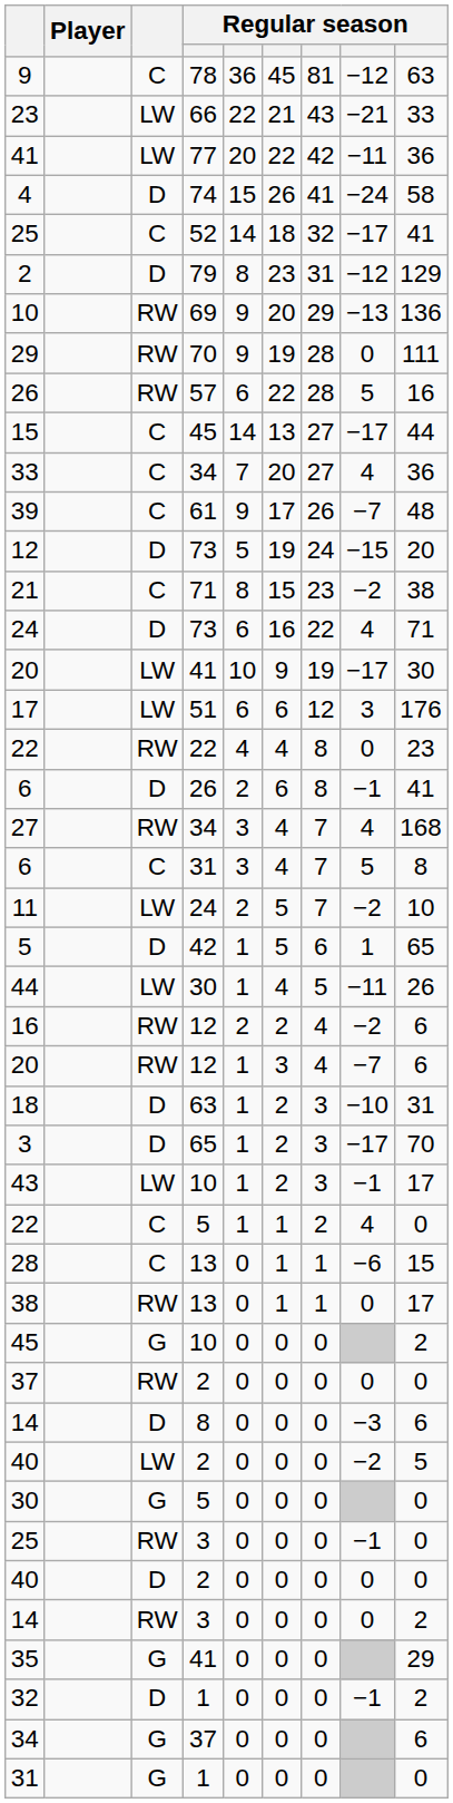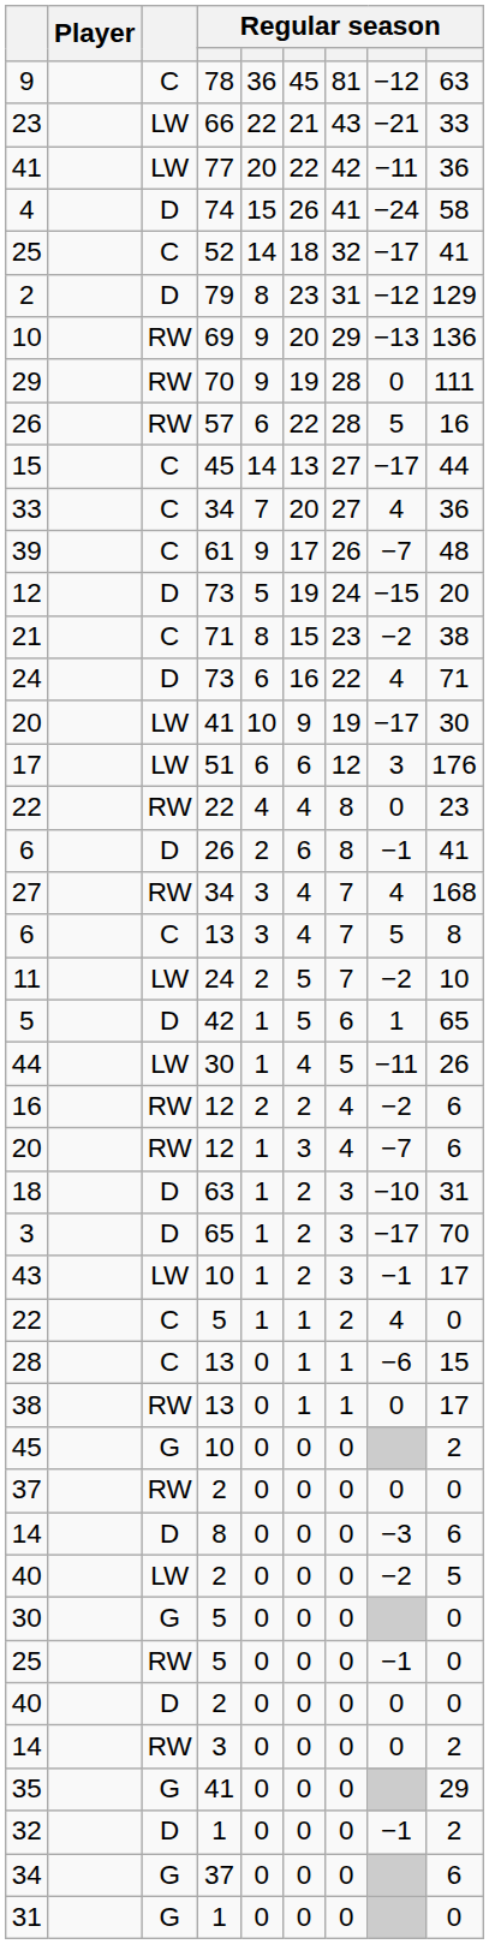 <table class="wikitable sortable plainrowheaders" style="text-align:center;">
 <tr>
 <th scope="col" data-sort-type="number" rowspan="2"></th>
 <th scope="col" rowspan="2">Player</th>
 <th scope="col" rowspan="2"></th>
 <th scope=colgroup colspan=6>Regular season</th>
 </tr>
 <tr>
 <th scope="col" data-sort-type="number"></th>
 <th scope="col" data-sort-type="number"></th>
 <th scope="col" data-sort-type="number"></th>
 <th scope="col" data-sort-type="number"></th>
 <th scope="col" data-sort-type="number"></th>
 <th scope="col" data-sort-type="number"></th>
 </tr>
 <tr>
 <td scope="row">9</td>
 <td align="left"></td>
 <td>C</td>
 <td>78</td>
 <td>36</td>
 <td>45</td>
 <td>81</td>
 <td>−12</td>
 <td>63</td>
 </tr>
 <tr>
 <td scope="row">23</td>
 <td align="left"></td>
 <td>LW</td>
 <td>66</td>
 <td>22</td>
 <td>21</td>
 <td>43</td>
 <td>−21</td>
 <td>33</td>
 </tr>
 <tr>
 <td scope="row">41</td>
 <td align="left"></td>
 <td>LW</td>
 <td>77</td>
 <td>20</td>
 <td>22</td>
 <td>42</td>
 <td>−11</td>
 <td>36</td>
 </tr>
 <tr>
 <td scope="row">4</td>
 <td align="left"></td>
 <td>D</td>
 <td>74</td>
 <td>15</td>
 <td>26</td>
 <td>41</td>
 <td>−24</td>
 <td>58</td>
 </tr>
 <tr>
 <td scope="row">25</td>
 <td align="left"></td>
 <td>C</td>
 <td>52</td>
 <td>14</td>
 <td>18</td>
 <td>32</td>
 <td>−17</td>
 <td>41</td>
 </tr>
 <tr>
 <td scope="row">2</td>
 <td align="left"></td>
 <td>D</td>
 <td>79</td>
 <td>8</td>
 <td>23</td>
 <td>31</td>
 <td>−12</td>
 <td>129</td>
 </tr>
 <tr>
 <td scope="row">10</td>
 <td align="left"></td>
 <td>RW</td>
 <td>69</td>
 <td>9</td>
 <td>20</td>
 <td>29</td>
 <td>−13</td>
 <td>136</td>
 </tr>
 <tr>
 <td scope="row">29</td>
 <td align="left"></td>
 <td>RW</td>
 <td>70</td>
 <td>9</td>
 <td>19</td>
 <td>28</td>
 <td>0</td>
 <td>111</td>
 </tr>
 <tr>
 <td scope="row">26</td>
 <td align="left"></td>
 <td>RW</td>
 <td>57</td>
 <td>6</td>
 <td>22</td>
 <td>28</td>
 <td>5</td>
 <td>16</td>
 </tr>
 <tr>
 <td scope="row">15</td>
 <td align="left"></td>
 <td>C</td>
 <td>45</td>
 <td>14</td>
 <td>13</td>
 <td>27</td>
 <td>−17</td>
 <td>44</td>
 </tr>
 <tr>
 <td scope="row">33</td>
 <td align="left"></td>
 <td>C</td>
 <td>34</td>
 <td>7</td>
 <td>20</td>
 <td>27</td>
 <td>4</td>
 <td>36</td>
 </tr>
 <tr>
 <td scope="row">39</td>
 <td align="left"></td>
 <td>C</td>
 <td>61</td>
 <td>9</td>
 <td>17</td>
 <td>26</td>
 <td>−7</td>
 <td>48</td>
 </tr>
 <tr>
 <td scope="row">12</td>
 <td align="left"></td>
 <td>D</td>
 <td>73</td>
 <td>5</td>
 <td>19</td>
 <td>24</td>
 <td>−15</td>
 <td>20</td>
 </tr>
 <tr>
 <td scope="row">21</td>
 <td align="left"></td>
 <td>C</td>
 <td>71</td>
 <td>8</td>
 <td>15</td>
 <td>23</td>
 <td>−2</td>
 <td>38</td>
 </tr>
 <tr>
 <td scope="row">24</td>
 <td align="left"></td>
 <td>D</td>
 <td>73</td>
 <td>6</td>
 <td>16</td>
 <td>22</td>
 <td>4</td>
 <td>71</td>
 </tr>
 <tr>
 <td scope="row">20</td>
 <td align="left"></td>
 <td>LW</td>
 <td>41</td>
 <td>10</td>
 <td>9</td>
 <td>19</td>
 <td>−17</td>
 <td>30</td>
 </tr>
 <tr>
 <td scope="row">17</td>
 <td align="left"></td>
 <td>LW</td>
 <td>51</td>
 <td>6</td>
 <td>6</td>
 <td>12</td>
 <td>3</td>
 <td>176</td>
 </tr>
 <tr>
 <td scope="row">22</td>
 <td align="left"></td>
 <td>RW</td>
 <td>22</td>
 <td>4</td>
 <td>4</td>
 <td>8</td>
 <td>0</td>
 <td>23</td>
 </tr>
 <tr>
 <td scope="row">6</td>
 <td align="left"></td>
 <td>D</td>
 <td>26</td>
 <td>2</td>
 <td>6</td>
 <td>8</td>
 <td>−1</td>
 <td>41</td>
 </tr>
 <tr>
 <td scope="row">27</td>
 <td align="left"></td>
 <td>RW</td>
 <td>34</td>
 <td>3</td>
 <td>4</td>
 <td>7</td>
 <td>4</td>
 <td>168</td>
 </tr>
 <tr>
 <td scope="row">6</td>
 <td align="left"></td>
 <td>C</td>
-<td>31</td>
+<td>13</td>
 <td>3</td>
 <td>4</td>
 <td>7</td>
 <td>5</td>
 <td>8</td>
 </tr>
 <tr>
 <td scope="row">11</td>
 <td align="left"></td>
 <td>LW</td>
 <td>24</td>
 <td>2</td>
 <td>5</td>
 <td>7</td>
 <td>−2</td>
 <td>10</td>
 </tr>
 <tr>
 <td scope="row">5</td>
 <td align="left"></td>
 <td>D</td>
 <td>42</td>
 <td>1</td>
 <td>5</td>
 <td>6</td>
 <td>1</td>
 <td>65</td>
 </tr>
 <tr>
 <td scope="row">44</td>
 <td align="left"></td>
 <td>LW</td>
 <td>30</td>
 <td>1</td>
 <td>4</td>
 <td>5</td>
 <td>−11</td>
 <td>26</td>
 </tr>
 <tr>
 <td scope="row">16</td>
 <td align="left"></td>
 <td>RW</td>
 <td>12</td>
 <td>2</td>
 <td>2</td>
 <td>4</td>
 <td>−2</td>
 <td>6</td>
 </tr>
 <tr>
 <td scope="row">20</td>
 <td align="left"></td>
 <td>RW</td>
 <td>12</td>
 <td>1</td>
 <td>3</td>
 <td>4</td>
 <td>−7</td>
 <td>6</td>
 </tr>
 <tr>
 <td scope="row">18</td>
 <td align="left"></td>
 <td>D</td>
 <td>63</td>
 <td>1</td>
 <td>2</td>
 <td>3</td>
 <td>−10</td>
 <td>31</td>
 </tr>
 <tr>
 <td scope="row">3</td>
 <td align="left"></td>
 <td>D</td>
 <td>65</td>
 <td>1</td>
 <td>2</td>
 <td>3</td>
 <td>−17</td>
 <td>70</td>
 </tr>
 <tr>
 <td scope="row">43</td>
 <td align="left"></td>
 <td>LW</td>
 <td>10</td>
 <td>1</td>
 <td>2</td>
 <td>3</td>
 <td>−1</td>
 <td>17</td>
 </tr>
 <tr>
 <td scope="row">22</td>
 <td align="left"></td>
 <td>C</td>
 <td>5</td>
 <td>1</td>
 <td>1</td>
 <td>2</td>
 <td>4</td>
 <td>0</td>
 </tr>
 <tr>
 <td scope="row">28</td>
 <td align="left"></td>
 <td>C</td>
 <td>13</td>
 <td>0</td>
 <td>1</td>
 <td>1</td>
 <td>−6</td>
 <td>15</td>
 </tr>
 <tr>
 <td scope="row">38</td>
 <td align="left"></td>
 <td>RW</td>
 <td>13</td>
 <td>0</td>
 <td>1</td>
 <td>1</td>
 <td>0</td>
 <td>17</td>
 </tr>
 <tr>
 <td scope="row">45</td>
 <td align="left"></td>
 <td>G</td>
 <td>10</td>
 <td>0</td>
 <td>0</td>
 <td>0</td>
 <td style="background:#ccc"></td>
 <td>2</td>
 </tr>
 <tr>
 <td scope="row">37</td>
 <td align="left"></td>
 <td>RW</td>
 <td>2</td>
 <td>0</td>
 <td>0</td>
 <td>0</td>
 <td>0</td>
 <td>0</td>
 </tr>
 <tr>
 <td scope="row">14</td>
 <td align="left"></td>
 <td>D</td>
 <td>8</td>
 <td>0</td>
 <td>0</td>
 <td>0</td>
 <td>−3</td>
 <td>6</td>
 </tr>
 <tr>
 <td scope="row">40</td>
 <td align="left"></td>
 <td>LW</td>
 <td>2</td>
 <td>0</td>
 <td>0</td>
 <td>0</td>
 <td>−2</td>
 <td>5</td>
 </tr>
 <tr>
 <td scope="row">30</td>
 <td align="left"></td>
 <td>G</td>
 <td>5</td>
 <td>0</td>
 <td>0</td>
 <td>0</td>
 <td style="background:#ccc"></td>
 <td>0</td>
 </tr>
 <tr>
 <td scope="row">25</td>
 <td align="left"></td>
 <td>RW</td>
-<td>3</td>
+<td>5</td>
 <td>0</td>
 <td>0</td>
 <td>0</td>
 <td>−1</td>
 <td>0</td>
 </tr>
 <tr>
 <td scope="row">40</td>
 <td align="left"></td>
 <td>D</td>
 <td>2</td>
 <td>0</td>
 <td>0</td>
 <td>0</td>
 <td>0</td>
 <td>0</td>
 </tr>
 <tr>
 <td scope="row">14</td>
 <td align="left"></td>
 <td>RW</td>
 <td>3</td>
 <td>0</td>
 <td>0</td>
 <td>0</td>
 <td>0</td>
 <td>2</td>
 </tr>
 <tr>
 <td scope="row">35</td>
 <td align="left"></td>
 <td>G</td>
 <td>41</td>
 <td>0</td>
 <td>0</td>
 <td>0</td>
 <td style="background:#ccc"></td>
 <td>29</td>
 </tr>
 <tr>
 <td scope="row">32</td>
 <td align="left"></td>
 <td>D</td>
 <td>1</td>
 <td>0</td>
 <td>0</td>
 <td>0</td>
 <td>−1</td>
 <td>2</td>
 </tr>
 <tr>
 <td scope="row">34</td>
 <td align="left"></td>
 <td>G</td>
 <td>37</td>
 <td>0</td>
 <td>0</td>
 <td>0</td>
 <td style="background:#ccc"></td>
 <td>6</td>
 </tr>
 <tr>
 <td scope="row">31</td>
 <td align="left"></td>
 <td>G</td>
 <td>1</td>
 <td>0</td>
 <td>0</td>
 <td>0</td>
 <td style="background:#ccc"></td>
 <td>0</td>
 </tr>
 </table>
